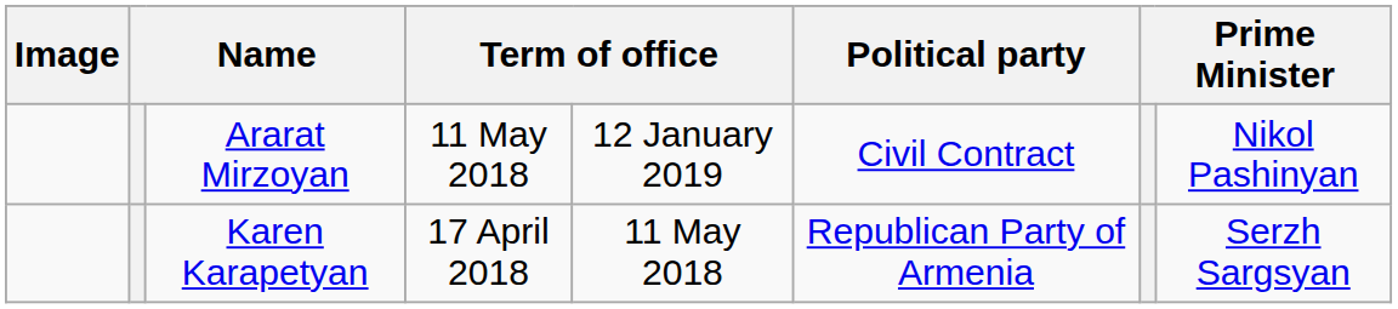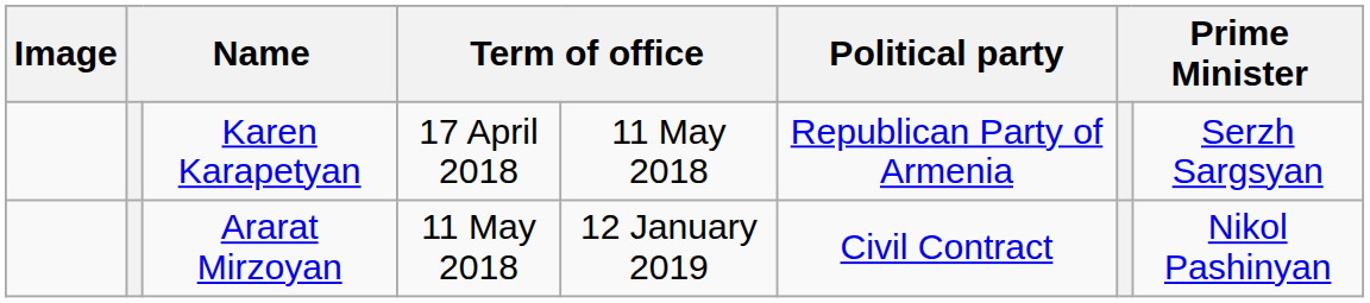 <table class="wikitable" style="text-align:center">
 <tr>
 <th>Image</th>
 <th colspan="2">Name</th>
 <th colspan="2">Term of office</th>
 <th>Political party</th>
 <th colspan="2">Prime Minister</th>
 </tr>
 <tr>
 <td></td>
 <th style="background:"></th>
+<td><a href='#'>Karen Karapetyan</a></td>
+<td>17 April 2018</td>
+<td>11 May 2018</td>
+<td><a href='#'>Republican Party of Armenia</a></td>
+<th rowspan="1" style="background:"></th>
+<td rowspan="1"><a href='#'>Serzh Sargsyan</a><br></td>
+</tr>
+<tr>
+<td></td>
+<th style="background:"></th>
 <td><a href='#'>Ararat Mirzoyan</a></td>
 <td>11 May 2018</td>
 <td>12 January 2019</td>
 <td><a href='#'>Civil Contract</a></td>
 <th rowspan="1" style="background:"></th>
 <td rowspan="1"><a href='#'>Nikol Pashinyan</a><br></td>
 </tr>
-<tr>
-<td></td>
-<th style="background:"></th>
-<td><a href='#'>Karen Karapetyan</a></td>
-<td>17 April 2018</td>
-<td>11 May 2018</td>
-<td><a href='#'>Republican Party of Armenia</a></td>
-<th rowspan="1" style="background:"></th>
-<td rowspan="1"><a href='#'>Serzh Sargsyan</a><br></td>
-</tr>
 </table>
